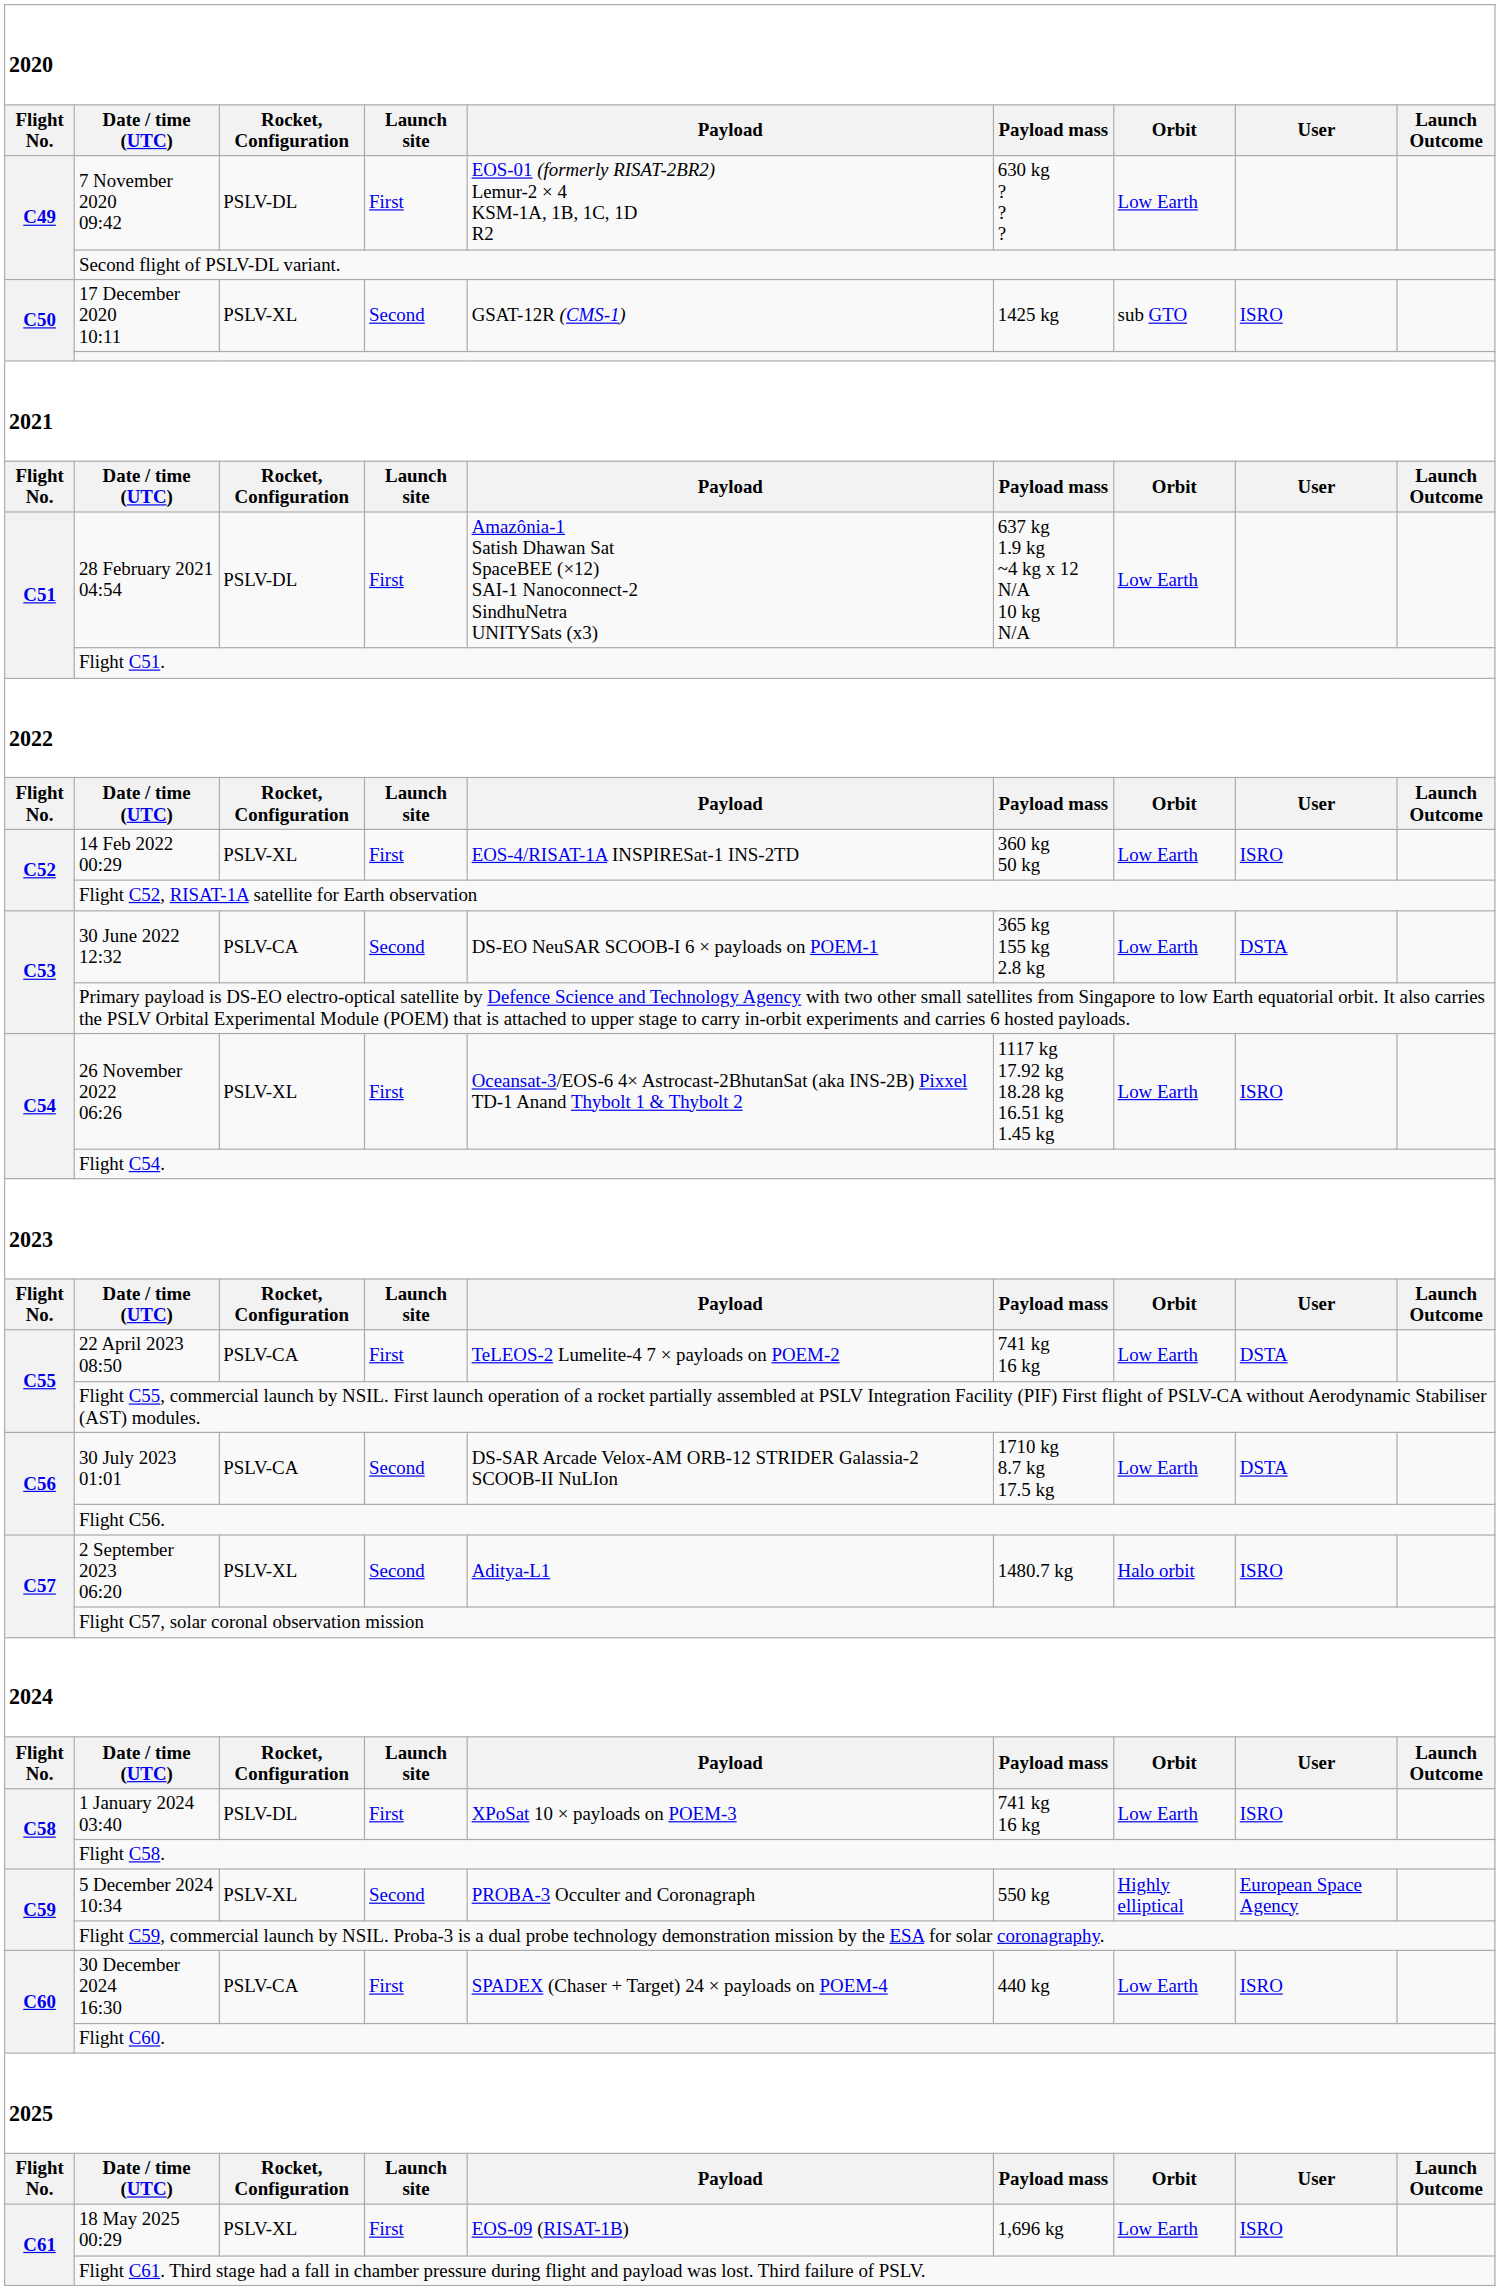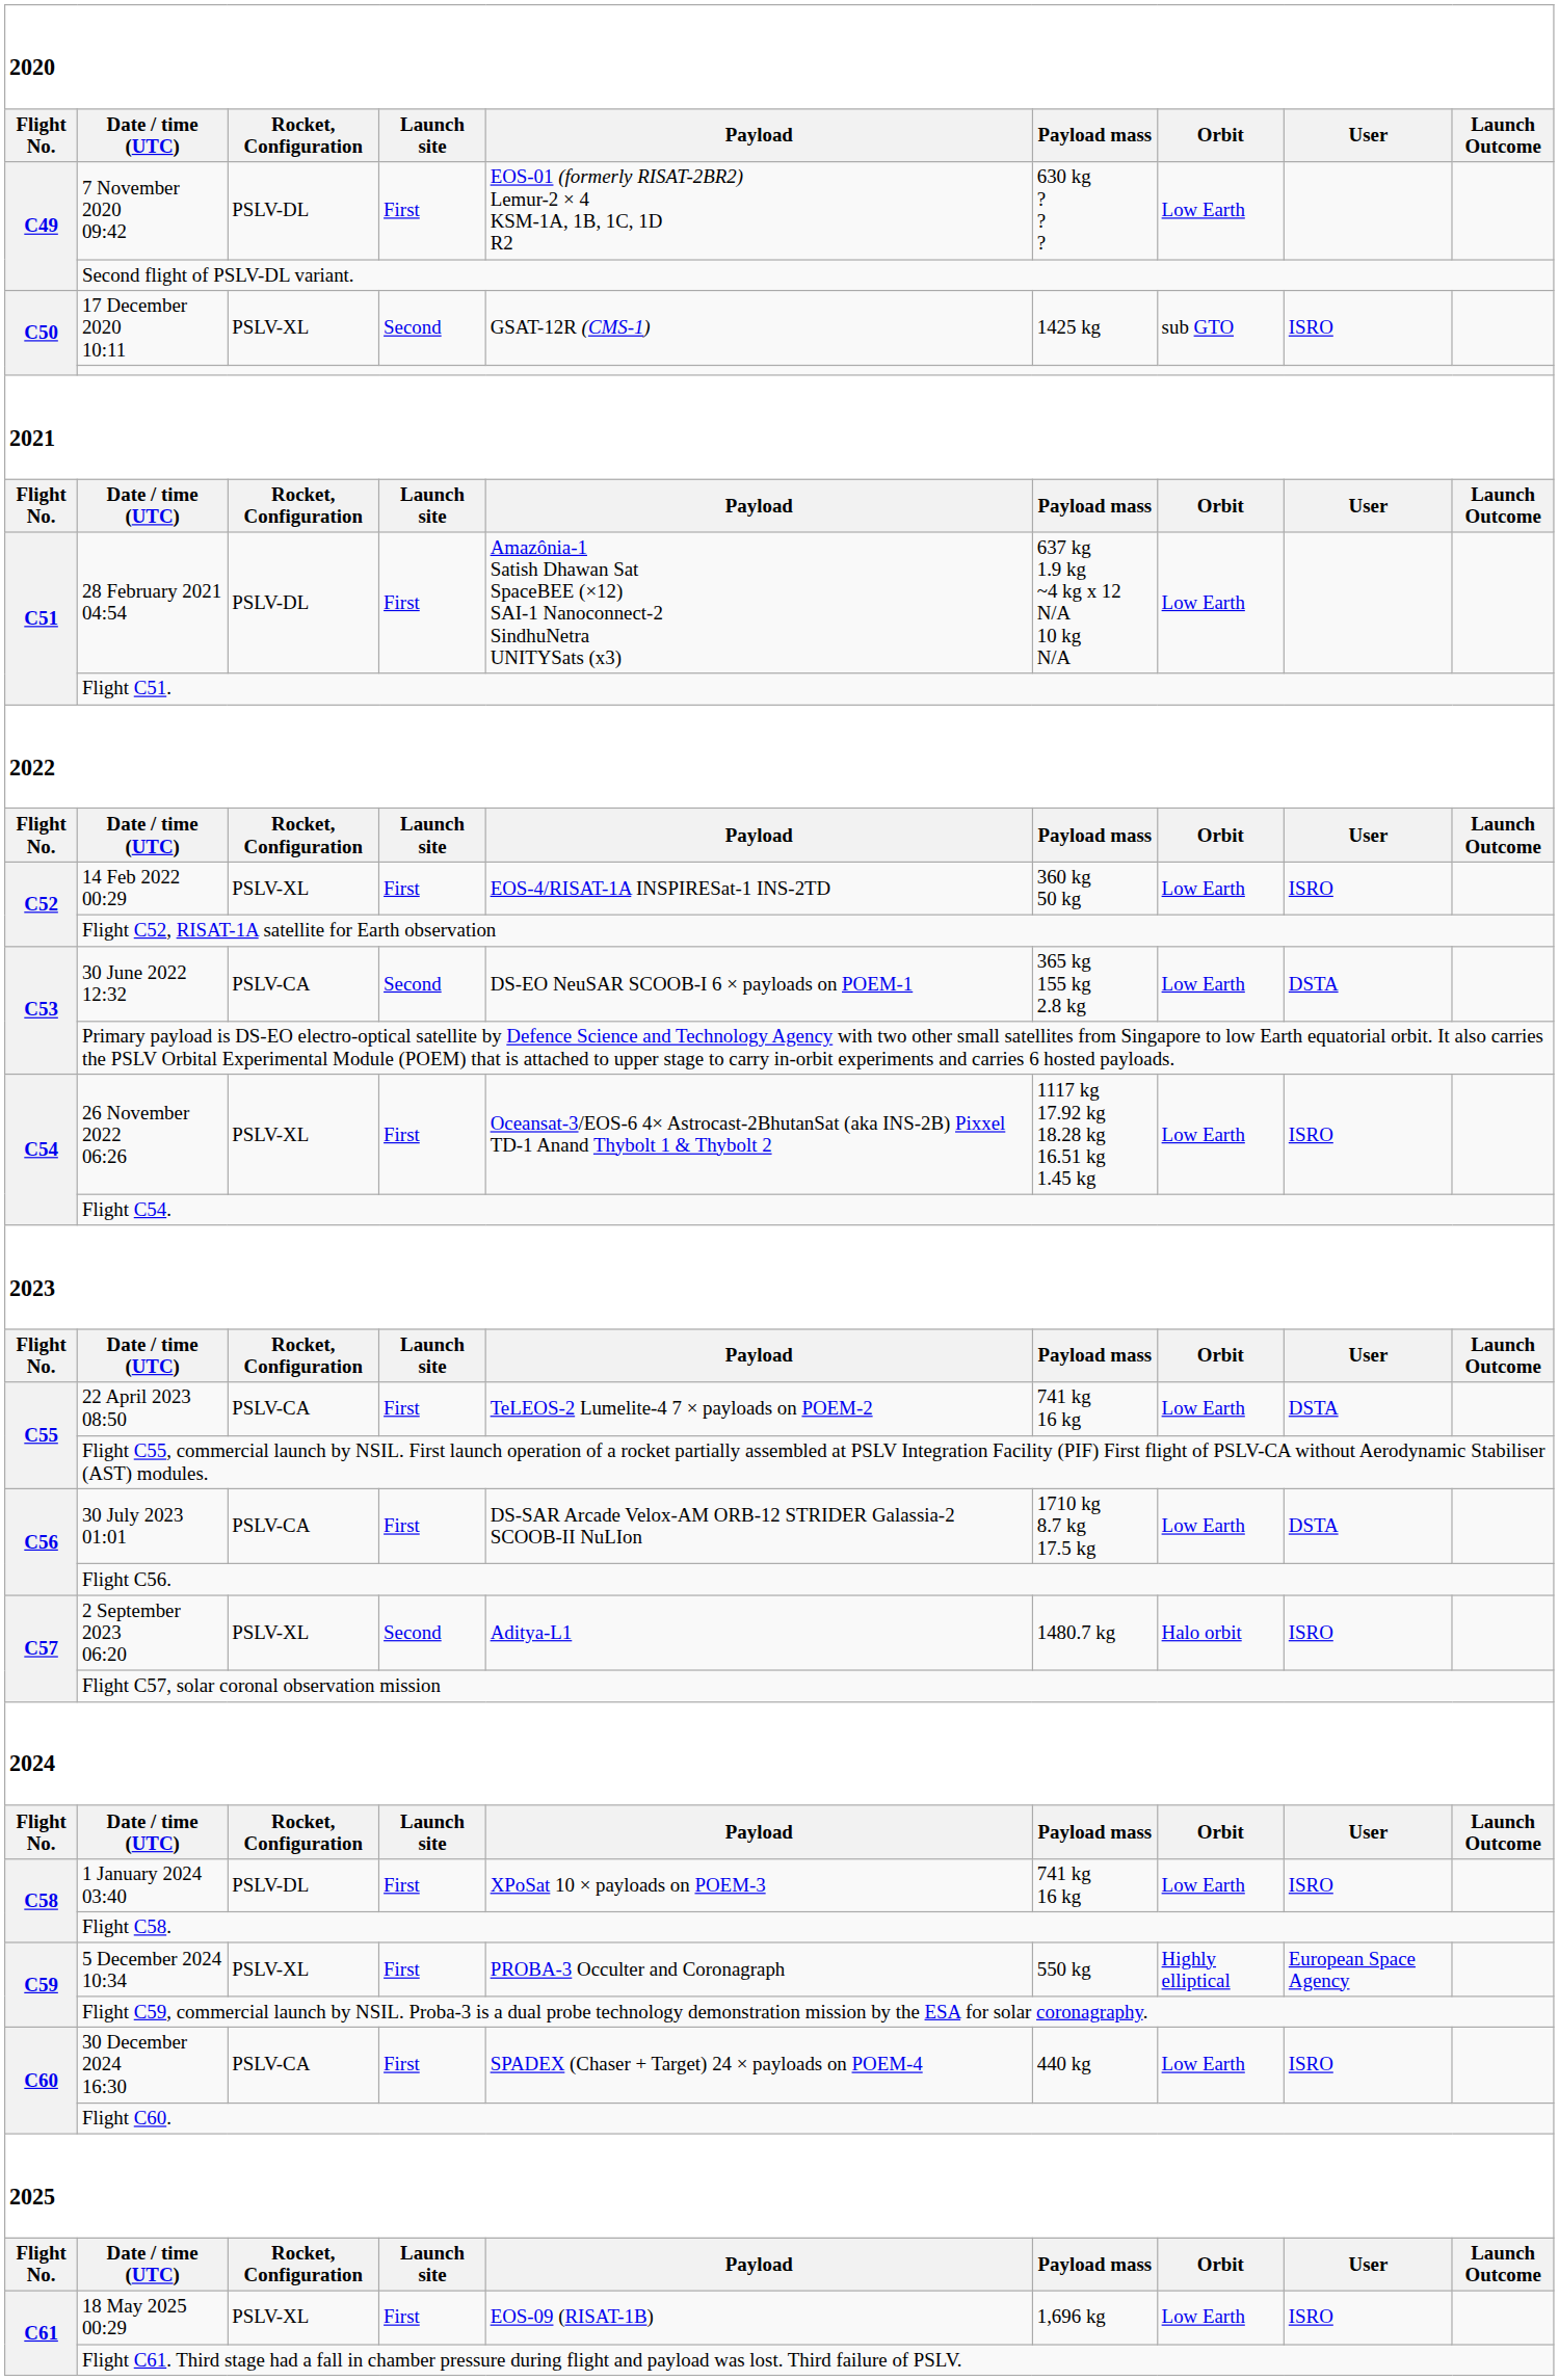 <table class="wikitable plainrowheaders" style="width: 100%;">
 <tr>
 <td colspan=9 style="background:white;"><br><h3>2020</h3></td>
 </tr>
 <tr>
 <th scope="col">Flight No.</th>
 <th scope="col">Date / time (<a href='#'>UTC</a>)</th>
 <th scope="col">Rocket,<br>Configuration</th>
 <th scope="col">Launch site</th>
 <th scope="col">Payload</th>
 <th scope="col">Payload mass</th>
 <th scope="col">Orbit</th>
 <th scope="col">User</th>
 <th scope="col">Launch<br>Outcome</th>
 </tr>
 <tr>
 <th scope="row" rowspan = 2 style="text-align:center;"><a href='#'>C49</a></th>
 <td>7 November 2020<br>09:42</td>
 <td>PSLV-DL</td>
 <td><a href='#'>First</a></td>
 <td> <a href='#'>EOS-01</a> <em>(formerly RISAT-2BR2)</em><br> Lemur-2 × 4<br> KSM-1A, 1B, 1C, 1D<br> R2</td>
 <td>630 kg <br>?<br>?<br>?<br></td>
 <td><a href='#'>Low Earth</a></td>
 <td></td>
 <td></td>
 </tr>
 <tr>
 <td colspan="8">Second flight of PSLV-DL variant.</td>
 </tr>
 <tr>
 <th scope="row" rowspan = 2 style="text-align:center;"><a href='#'>C50</a></th>
 <td>17 December 2020<br>10:11</td>
 <td>PSLV-XL</td>
 <td><a href='#'>Second</a></td>
 <td> GSAT-12R <em>(<a href='#'>CMS-1</a>)</em></td>
 <td>1425 kg</td>
 <td>sub <a href='#'>GTO</a></td>
 <td><a href='#'>ISRO</a></td>
 <td></td>
 </tr>
 <tr>
 <td colspan="8"></td>
 </tr>
 <tr>
 <td colspan=9 style="background:white;"><br><h3>2021</h3></td>
 </tr>
 <tr>
 <th scope="col">Flight No.</th>
 <th scope="col">Date / time (<a href='#'>UTC</a>)</th>
 <th scope="col">Rocket,<br>Configuration</th>
 <th scope="col">Launch site</th>
 <th scope="col">Payload</th>
 <th scope="col">Payload mass</th>
 <th scope="col">Orbit</th>
 <th scope="col">User</th>
 <th scope="col">Launch<br>Outcome</th>
 </tr>
 <tr>
 <th scope="row" rowspan = 2 style="text-align:center;"><a href='#'>C51</a></th>
 <td>28 February 2021 <br>04:54</td>
 <td>PSLV-DL</td>
 <td><a href='#'>First</a></td>
 <td> <a href='#'>Amazônia-1</a> <br> Satish Dhawan Sat  <br> SpaceBEE (×12) <br> SAI-1 Nanoconnect-2 <br> SindhuNetra<br> UNITYSats (x3)</td>
 <td>637 kg <br>1.9 kg <br>~4 kg x 12 <br> N/A <br>10 kg <br> N/A</td>
 <td><a href='#'>Low Earth</a></td>
 <td></td>
 <td></td>
 </tr>
 <tr>
 <td colspan="8">Flight <a href='#'>C51</a>.</td>
 </tr>
 <tr>
 <td colspan=9 style="background:white;"><br><h3>2022</h3></td>
 </tr>
 <tr>
 <th scope="col">Flight No.</th>
 <th scope="col">Date / time (<a href='#'>UTC</a>)</th>
 <th scope="col">Rocket,<br>Configuration</th>
 <th scope="col">Launch site</th>
 <th scope="col">Payload</th>
 <th scope="col">Payload mass</th>
 <th scope="col">Orbit</th>
 <th scope="col">User</th>
 <th scope="col">Launch<br>Outcome</th>
 </tr>
 <tr>
 <th scope="row" rowspan = 2 style="text-align:center;"><a href='#'>C52</a></th>
 <td>14 Feb 2022 <br>00:29</td>
 <td>PSLV-XL</td>
 <td><a href='#'>First</a></td>
 <td> <a href='#'>EOS-4/RISAT-1A</a>    INSPIRESat-1  INS-2TD</td>
 <td>360 kg<br>50 kg<br></td>
 <td><a href='#'>Low Earth</a></td>
 <td><a href='#'>ISRO</a></td>
 <td></td>
 </tr>
 <tr>
 <td colspan="8">Flight <a href='#'>C52</a>, <a href='#'>RISAT-1A</a> satellite for Earth observation</td>
 </tr>
 <tr>
 <th scope="row" rowspan = 2 style="text-align:center;"><a href='#'>C53</a></th>
 <td>30 June 2022 <br>12:32</td>
 <td>PSLV-CA</td>
 <td><a href='#'>Second</a></td>
 <td> DS-EO NeuSAR SCOOB-I 6 × payloads on <a href='#'>POEM-1</a></td>
 <td>365 kg <br> 155 kg <br> 2.8 kg</td>
 <td><a href='#'>Low Earth</a></td>
 <td><a href='#'>DSTA</a></td>
 <td></td>
 </tr>
 <tr>
 <td colspan="8">Primary payload is DS-EO electro-optical satellite by <a href='#'>Defence Science and Technology Agency</a> with two other small satellites from Singapore to low Earth equatorial orbit. It  also carries the PSLV Orbital Experimental Module (POEM) that is attached to upper stage to carry in-orbit experiments and carries 6 hosted payloads.</td>
 </tr>
 <tr>
 <th scope="row" rowspan = 2 style="text-align:center;"><a href='#'>C54</a></th>
 <td>26 November 2022<br>06:26</td>
 <td>PSLV-XL</td>
 <td><a href='#'>First</a></td>
 <td> <a href='#'>Oceansat-3</a>/EOS-6 4× Astrocast-2BhutanSat (aka INS-2B) <a href='#'>Pixxel</a> TD-1 Anand  <a href='#'>Thybolt 1 & Thybolt 2</a></td>
 <td>1117 kg<br>17.92 kg<br>18.28 kg<br>16.51 kg<br>1.45 kg</td>
 <td><a href='#'>Low Earth</a></td>
 <td><a href='#'>ISRO</a></td>
 <td></td>
 </tr>
 <tr>
 <td colspan="8">Flight <a href='#'>C54</a>.</td>
 </tr>
 <tr>
 <td colspan=9 style="background:white;"><br><h3>2023</h3></td>
 </tr>
 <tr>
 <th scope="col">Flight No.</th>
 <th scope="col">Date / time (<a href='#'>UTC</a>)</th>
 <th scope="col">Rocket,<br>Configuration</th>
 <th scope="col">Launch site</th>
 <th scope="col">Payload</th>
 <th scope="col">Payload mass</th>
 <th scope="col">Orbit</th>
 <th scope="col">User</th>
 <th scope="col">Launch<br>Outcome</th>
 </tr>
 <tr>
 <th rowspan="2" scope="row" style="text-align:center;"><a href='#'>C55</a></th>
 <td>22 April 2023<br> 08:50</td>
 <td>PSLV-CA</td>
 <td><a href='#'>First</a></td>
 <td> <a href='#'>TeLEOS-2</a>  Lumelite-4 7 × payloads on <a href='#'>POEM-2</a></td>
 <td>741 kg<br>16 kg<br></td>
 <td><a href='#'>Low Earth</a></td>
 <td><a href='#'>DSTA</a></td>
 <td></td>
 </tr>
 <tr>
 <td colspan="8">Flight <a href='#'>C55</a>, commercial launch by NSIL. First launch operation of a rocket partially assembled at PSLV Integration Facility (PIF) First flight of PSLV-CA without Aerodynamic Stabiliser (AST) modules.</td>
 </tr>
 <tr>
 <th rowspan="2" scope="row" style="text-align:center;"><a href='#'>C56</a></th>
 <td>30 July 2023<br>01:01</td>
 <td>PSLV-CA</td>
-<td><a href='#'>Second</a></td>
+<td><a href='#'>First</a></td>
 <td> DS-SAR Arcade Velox-AM ORB-12 STRIDER Galassia-2 SCOOB-II  NuLIon</td>
 <td>1710 kg <br> 8.7 kg <br> 17.5 kg</td>
 <td><a href='#'>Low Earth</a></td>
 <td><a href='#'>DSTA</a></td>
 <td></td>
 </tr>
 <tr>
 <td colspan="8">Flight C56.</td>
 </tr>
 <tr>
 <th rowspan="2" scope="row" style="text-align:center;"><a href='#'>C57</a></th>
 <td>2 September 2023<br>06:20</td>
 <td>PSLV-XL</td>
 <td><a href='#'>Second</a></td>
 <td> <a href='#'>Aditya-L1</a></td>
 <td>1480.7 kg<br></td>
 <td><a href='#'>Halo orbit</a></td>
 <td><a href='#'>ISRO</a></td>
 <td></td>
 </tr>
 <tr>
 <td colspan="8">Flight C57, solar coronal observation mission</td>
 </tr>
 <tr>
 <td colspan=9 style="background:white;"><br><h3>2024</h3></td>
 </tr>
 <tr>
 <th scope="col">Flight No.</th>
 <th scope="col">Date / time (<a href='#'>UTC</a>)</th>
 <th scope="col">Rocket,<br>Configuration</th>
 <th scope="col">Launch site</th>
 <th scope="col">Payload</th>
 <th scope="col">Payload mass</th>
 <th scope="col">Orbit</th>
 <th scope="col">User</th>
 <th scope="col">Launch<br>Outcome</th>
 </tr>
 <tr>
 <th rowspan="2" scope="row" style="text-align:center;"><a href='#'>C58</a></th>
 <td>1 January 2024<br>03:40</td>
 <td>PSLV-DL</td>
 <td><a href='#'>First</a></td>
 <td> <a href='#'>XPoSat</a>  10 × payloads on <a href='#'>POEM-3</a></td>
 <td>741 kg<br>16 kg<br></td>
 <td><a href='#'>Low Earth</a></td>
 <td><a href='#'>ISRO</a></td>
 <td></td>
 </tr>
 <tr>
 <td colspan="8">Flight <a href='#'>C58</a>.</td>
 </tr>
 <tr>
 <th rowspan="2" scope="row" style="text-align:center;"><a href='#'>C59</a></th>
 <td>5 December 2024<br>10:34</td>
 <td>PSLV-XL</td>
-<td><a href='#'>Second</a></td>
+<td><a href='#'>First</a></td>
 <td> <a href='#'>PROBA-3</a> Occulter and Coronagraph</td>
 <td>550 kg</td>
 <td><a href='#'>Highly elliptical</a></td>
 <td><a href='#'>European Space Agency</a></td>
 <td></td>
 </tr>
 <tr>
 <td colspan="8">Flight <a href='#'>C59</a>, commercial launch by NSIL. Proba-3 is a dual probe technology demonstration mission by the <a href='#'>ESA</a> for solar <a href='#'>coronagraphy</a>.</td>
 </tr>
 <tr>
 <th rowspan="2" scope="row" style="text-align:center;"><a href='#'>C60</a></th>
 <td>30 December 2024<br>16:30</td>
 <td>PSLV-CA</td>
 <td><a href='#'>First</a></td>
 <td> <a href='#'>SPADEX</a> (Chaser + Target) 24 × payloads on <a href='#'>POEM-4</a></td>
 <td>440 kg</td>
 <td><a href='#'>Low Earth</a></td>
 <td><a href='#'>ISRO</a></td>
 <td></td>
 </tr>
 <tr>
 <td colspan="8">Flight <a href='#'>C60</a>.</td>
 </tr>
 <tr>
 <td colspan=9 style="background:white;"><br><h3>2025</h3></td>
 </tr>
 <tr>
 <th scope="col">Flight No.</th>
 <th scope="col">Date / time (<a href='#'>UTC</a>)</th>
 <th scope="col">Rocket,<br>Configuration</th>
 <th scope="col">Launch site</th>
 <th scope="col">Payload</th>
 <th scope="col">Payload mass</th>
 <th scope="col">Orbit</th>
 <th scope="col">User</th>
 <th scope="col">Launch<br>Outcome</th>
 </tr>
 <tr>
 <th rowspan="2" scope="row" style="text-align:center;"><a href='#'>C61</a></th>
 <td>18 May 2025<br>00:29</td>
 <td>PSLV-XL</td>
 <td><a href='#'>First</a></td>
 <td> <a href='#'>EOS-09</a> (<a href='#'>RISAT-1B</a>)</td>
 <td>1,696 kg</td>
 <td><a href='#'>Low Earth</a></td>
 <td><a href='#'>ISRO</a></td>
 <td></td>
 </tr>
 <tr>
 <td colspan="8">Flight <a href='#'>C61</a>. Third stage had a fall in chamber pressure during  flight and payload was lost. Third failure of PSLV.</td>
 </tr>
 </table>
